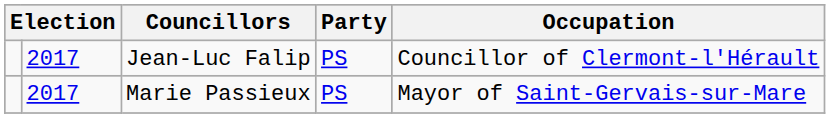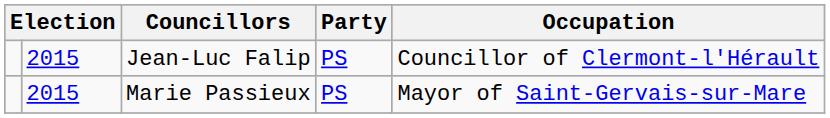 <table class="wikitable">
 <tr>
 <th colspan="2">Election</th>
 <th>Councillors</th>
 <th>Party</th>
 <th>Occupation</th>
 </tr>
 <tr>
 <td style="background-color: "></td>
-<td><a href='#'>2017</a></td>
+<td><a href='#'>2015</a></td>
 <td>Jean-Luc Falip</td>
 <td><a href='#'>PS</a></td>
 <td>Councillor of <a href='#'>Clermont-l'Hérault</a></td>
 </tr>
 <tr>
 <td style="background-color: "></td>
-<td><a href='#'>2017</a></td>
+<td><a href='#'>2015</a></td>
 <td>Marie Passieux</td>
 <td><a href='#'>PS</a></td>
 <td>Mayor of <a href='#'>Saint-Gervais-sur-Mare</a></td>
 </tr>
 </table>
